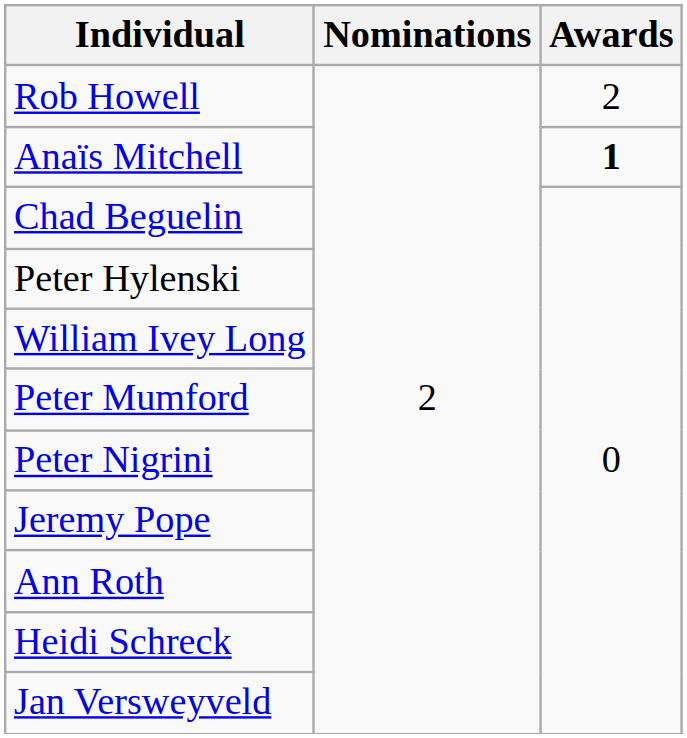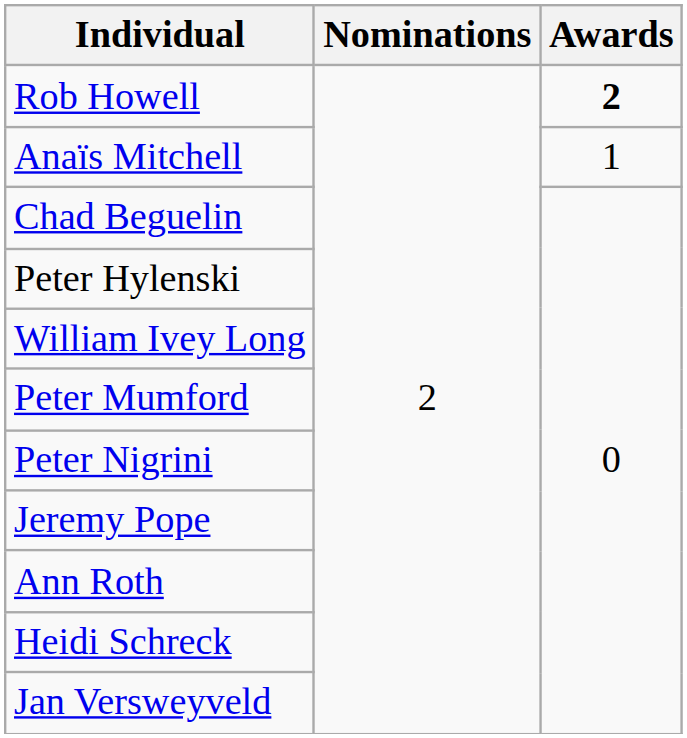 <table class="wikitable sortable">
 <tr>
 <th>Individual</th>
 <th>Nominations</th>
 <th>Awards</th>
 </tr>
 <tr>
 <td><a href='#'>Rob Howell</a></td>
 <td align=center rowspan=11>2</td>
-<td align=center>2</td>
+<td align=center><strong>2</strong></td>
 </tr>
 <tr>
 <td><a href='#'>Anaïs Mitchell</a></td>
-<td align=center><strong>1</strong></td>
+<td align=center>1</td>
 </tr>
 <tr>
 <td><a href='#'>Chad Beguelin</a></td>
 <td align=center rowspan=9>0</td>
 </tr>
 <tr>
 <td>Peter Hylenski</td>
 </tr>
 <tr>
 <td><a href='#'>William Ivey Long</a></td>
 </tr>
 <tr>
 <td><a href='#'>Peter Mumford</a></td>
 </tr>
 <tr>
 <td><a href='#'>Peter Nigrini</a></td>
 </tr>
 <tr>
 <td><a href='#'>Jeremy Pope</a></td>
 </tr>
 <tr>
 <td><a href='#'>Ann Roth</a></td>
 </tr>
 <tr>
 <td><a href='#'>Heidi Schreck</a></td>
 </tr>
 <tr>
 <td><a href='#'>Jan Versweyveld</a></td>
 </tr>
 </table>
